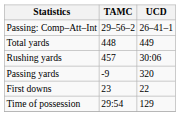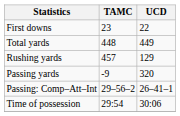 <table class="wikitable" style="float: left;">
 <tr>
 <th>Statistics</th>
 <th>TAMC</th>
 <th>UCD</th>
 </tr>
 <tr>
-<td>Passing: Comp–Att–Int</td>
-<td>29–56–2</td>
-<td>26–41–1</td>
+<td>First downs</td>
+<td>23</td>
+<td>22</td>
 </tr>
 <tr>
 <td>Total yards</td>
 <td>448</td>
 <td>449</td>
 </tr>
 <tr>
 <td>Rushing yards</td>
 <td>457</td>
-<td>30:06</td>
+<td>129</td>
 </tr>
 <tr>
 <td>Passing yards</td>
 <td>-9</td>
 <td>320</td>
 </tr>
 <tr>
-<td>First downs</td>
-<td>23</td>
-<td>22</td>
+<td>Passing: Comp–Att–Int</td>
+<td>29–56–2</td>
+<td>26–41–1</td>
 </tr>
 <tr>
 <td>Time of possession</td>
 <td>29:54</td>
-<td>129</td>
+<td>30:06</td>
 </tr>
 <tr>
 </tr>
 </table>
